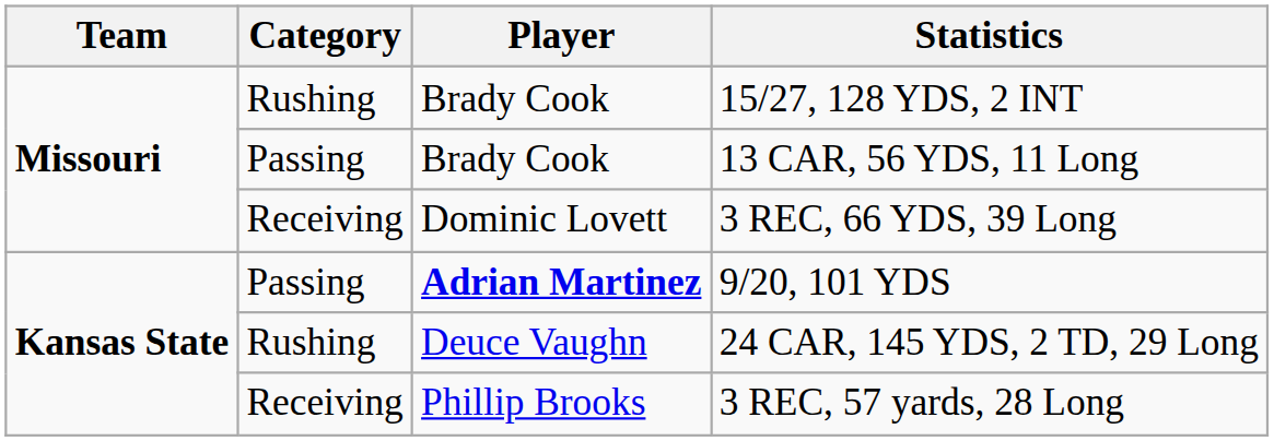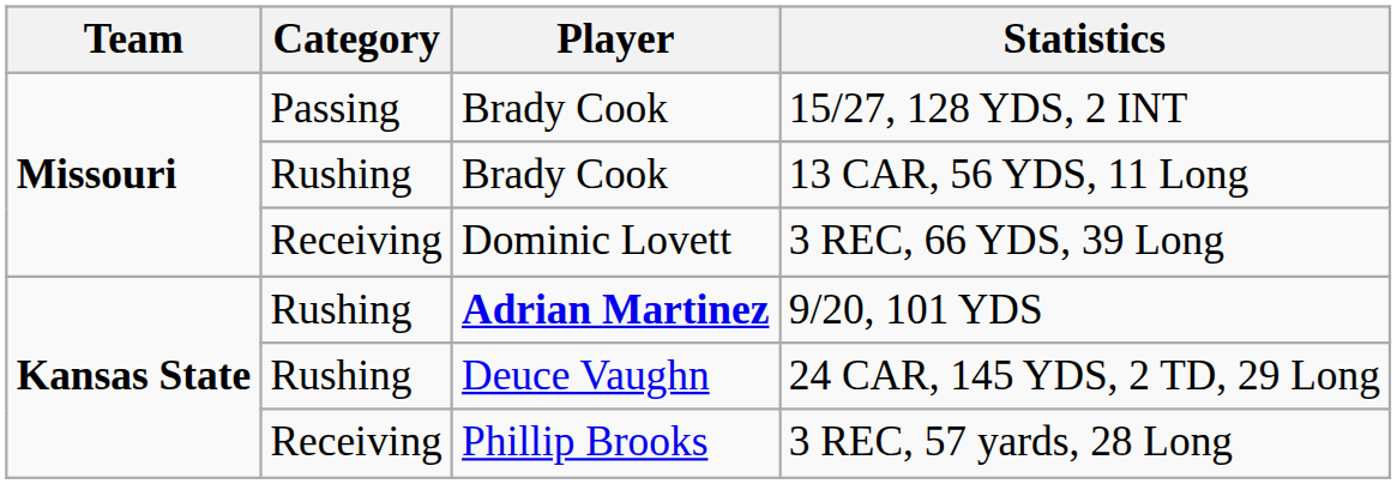 <table class="wikitable" style="float: right;">
 <tr>
 <th>Team</th>
 <th>Category</th>
 <th>Player</th>
 <th>Statistics</th>
 </tr>
 <tr>
 <td rowspan=3><strong>Missouri</strong></td>
-<td>Rushing</td>
+<td>Passing</td>
 <td>Brady Cook</td>
 <td>15/27, 128 YDS, 2 INT</td>
 </tr>
 <tr>
-<td>Passing</td>
+<td>Rushing</td>
 <td>Brady Cook</td>
 <td>13 CAR, 56 YDS, 11 Long</td>
 </tr>
 <tr>
 <td>Receiving</td>
 <td>Dominic Lovett</td>
 <td>3 REC, 66 YDS, 39 Long</td>
 </tr>
 <tr>
 <td rowspan=3><strong>Kansas State</strong></td>
-<td>Passing</td>
+<td>Rushing</td>
 <td><strong><a href='#'>Adrian Martinez</a></strong></td>
 <td>9/20, 101 YDS</td>
 </tr>
 <tr>
 <td>Rushing</td>
 <td><a href='#'>Deuce Vaughn</a></td>
 <td>24 CAR, 145 YDS, 2 TD, 29 Long</td>
 </tr>
 <tr>
 <td>Receiving</td>
 <td><a href='#'>Phillip Brooks</a></td>
 <td>3 REC, 57 yards, 28 Long</td>
 </tr>
 </table>
